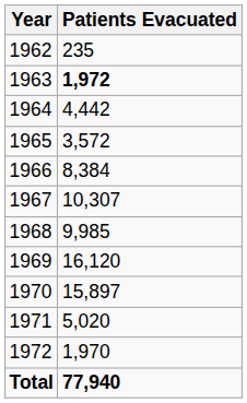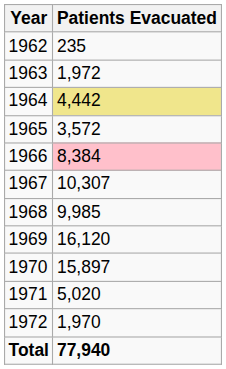 <table class="wikitable">
 <tr>
 <th>Year</th>
 <th>Patients Evacuated</th>
 </tr>
 <tr>
 <td>1962</td>
 <td>235</td>
 </tr>
 <tr>
 <td>1963</td>
-<td><strong>1,972</strong></td>
+<td>1,972</td>
 </tr>
 <tr>
 <td>1964</td>
-<td>4,442</td>
+<td style="background: khaki;">4,442</td>
 </tr>
 <tr>
 <td>1965</td>
 <td>3,572</td>
 </tr>
 <tr>
 <td>1966</td>
-<td>8,384</td>
+<td style="background: pink;">8,384</td>
 </tr>
 <tr>
 <td>1967</td>
 <td>10,307</td>
 </tr>
 <tr>
 <td>1968</td>
 <td>9,985</td>
 </tr>
 <tr>
 <td>1969</td>
 <td>16,120</td>
 </tr>
 <tr>
 <td>1970</td>
 <td>15,897</td>
 </tr>
 <tr>
 <td>1971</td>
 <td>5,020</td>
 </tr>
 <tr>
 <td>1972</td>
 <td>1,970</td>
 </tr>
 <tr>
 <td><strong>Total</strong></td>
 <td><strong>77,940</strong></td>
 </tr>
 </table>
